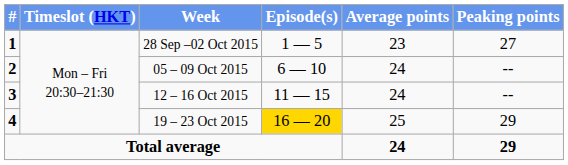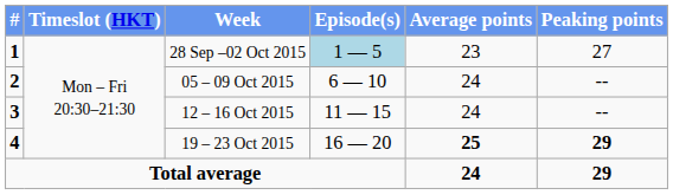 <table class="wikitable" style="text-align:center;">
 <tr style="background:cornflowerblue; color:white" align="center">
 </tr>
 <tr>
 <th style="background:cornflowerblue; color:white" align="center">#</th>
 <th style="background:cornflowerblue; color:white" align="center">Timeslot (<a href='#'>HKT</a>)</th>
 <th style="background:cornflowerblue; color:white" align="center">Week</th>
 <th style="background:cornflowerblue; color:white" align="center">Episode(s)</th>
 <th style="background:cornflowerblue; color:white" align="center">Average points</th>
 <th style="background:cornflowerblue; color:white" align="center">Peaking points</th>
 </tr>
 <tr>
 <td><strong>1</strong></td>
 <td rowspan="4"><small>Mon – Fri<br>20:30–21:30</small></td>
 <td><small>28 Sep –02 Oct 2015</small></td>
-<td>1 — 5</td>
+<td style="background: lightblue;">1 — 5</td>
 <td>23</td>
 <td>27</td>
 </tr>
 <tr>
 <td><strong>2</strong></td>
 <td><small>05 – 09 Oct 2015</small></td>
 <td>6 — 10</td>
 <td>24</td>
 <td>--</td>
 </tr>
 <tr>
 <td><strong>3</strong></td>
 <td><small>12 – 16 Oct 2015</small></td>
 <td>11 — 15</td>
 <td>24</td>
 <td>--</td>
 </tr>
 <tr>
 <td><strong>4</strong></td>
 <td><small>19 – 23 Oct 2015</small></td>
-<td style="background: gold;">16 — 20</td>
-<td>25</td>
-<td>29</td>
+<td>16 — 20</td>
+<td><strong>25</strong></td>
+<td><strong>29</strong></td>
 </tr>
 <tr>
 <td colspan="4"><strong>Total average</strong></td>
 <td><strong>24</strong></td>
 <td><strong>29</strong></td>
 </tr>
 </table>
